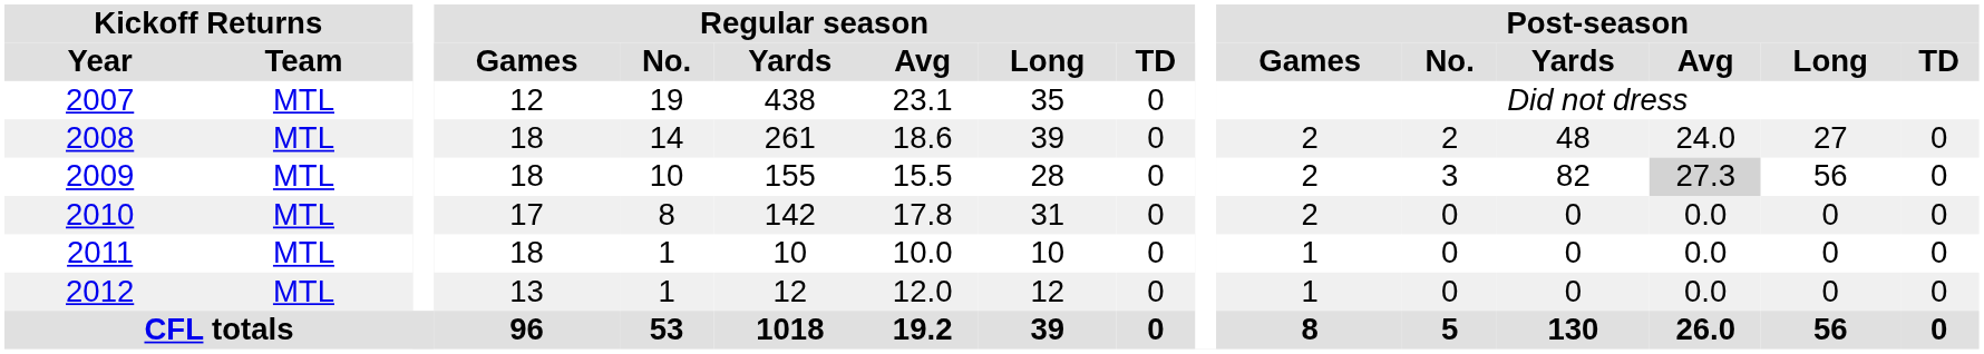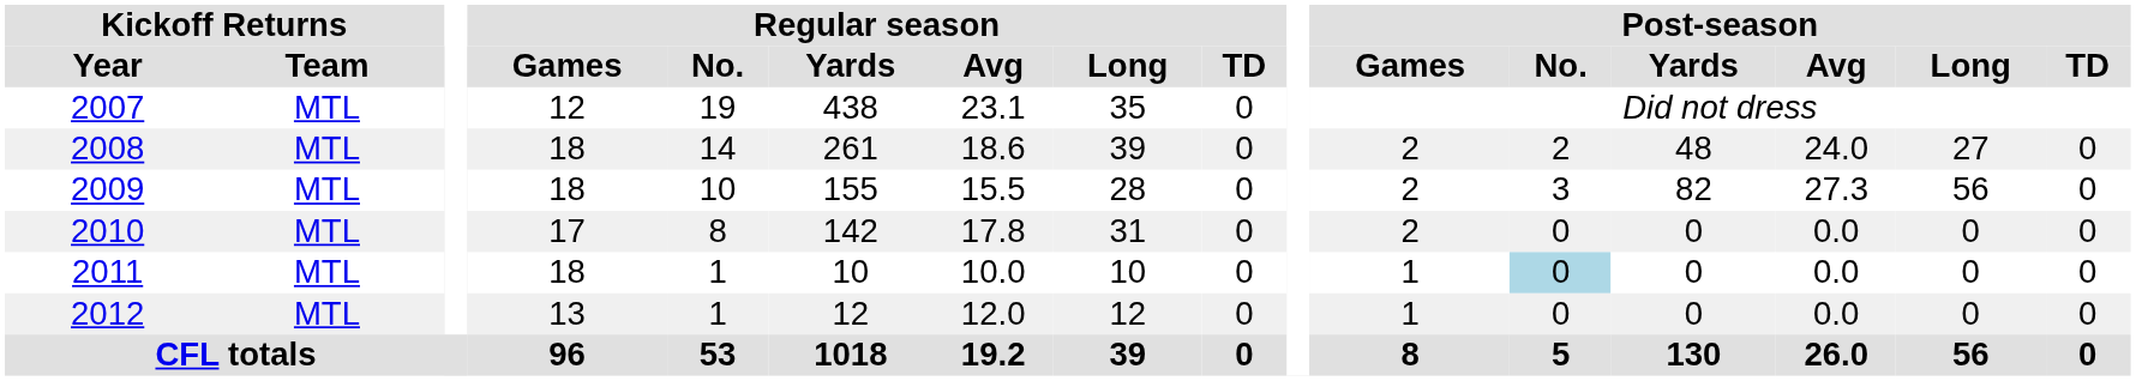 <table BORDER="0" CELLPADDING="1" CELLSPACING="0" width="65%" style="text-align:center">
 <tr bgcolor="#e0e0e0">
 <th colspan="2">Kickoff Returns</th>
 <th rowspan="99" bgcolor="#ffffff"> </th>
 <th colspan="6">Regular season</th>
 <th rowspan="99" bgcolor="#ffffff"> </th>
 <th colspan="6">Post-season</th>
 </tr>
 <tr bgcolor="#e0e0e0">
 <th>Year</th>
 <th>Team</th>
 <th>Games</th>
 <th>No.</th>
 <th>Yards</th>
 <th>Avg</th>
 <th>Long</th>
 <th>TD</th>
 <th>Games</th>
 <th>No.</th>
 <th>Yards</th>
 <th>Avg</th>
 <th>Long</th>
 <th>TD</th>
 </tr>
 <tr ALIGN="center">
 <td><a href='#'>2007</a></td>
 <td><a href='#'>MTL</a></td>
 <td>12</td>
 <td>19</td>
 <td>438</td>
 <td>23.1</td>
 <td>35</td>
 <td>0</td>
 <td colspan="6"><em>Did not dress</em></td>
 </tr>
 <tr ALIGN="center" bgcolor="#f0f0f0">
 <td><a href='#'>2008</a></td>
 <td><a href='#'>MTL</a></td>
 <td>18</td>
 <td>14</td>
 <td>261</td>
 <td>18.6</td>
 <td>39</td>
 <td>0</td>
 <td>2</td>
 <td>2</td>
 <td>48</td>
 <td>24.0</td>
 <td>27</td>
 <td>0</td>
 </tr>
 <tr ALIGN="center">
 <td><a href='#'>2009</a></td>
 <td><a href='#'>MTL</a></td>
 <td>18</td>
 <td>10</td>
 <td>155</td>
 <td>15.5</td>
 <td>28</td>
 <td>0</td>
 <td>2</td>
 <td>3</td>
 <td>82</td>
-<td style="background: lightgrey;">27.3</td>
+<td>27.3</td>
 <td>56</td>
 <td>0</td>
 </tr>
 <tr ALIGN="center" bgcolor="#f0f0f0">
 <td><a href='#'>2010</a></td>
 <td><a href='#'>MTL</a></td>
 <td>17</td>
 <td>8</td>
 <td>142</td>
 <td>17.8</td>
 <td>31</td>
 <td>0</td>
 <td>2</td>
 <td>0</td>
 <td>0</td>
 <td>0.0</td>
 <td>0</td>
 <td>0</td>
 </tr>
 <tr ALIGN="center">
 <td><a href='#'>2011</a></td>
 <td><a href='#'>MTL</a></td>
 <td>18</td>
 <td>1</td>
 <td>10</td>
 <td>10.0</td>
 <td>10</td>
 <td>0</td>
 <td>1</td>
-<td>0</td>
+<td style="background: lightblue;">0</td>
 <td>0</td>
 <td>0.0</td>
 <td>0</td>
 <td>0</td>
 </tr>
 <tr ALIGN="center" bgcolor="#f0f0f0">
 <td><a href='#'>2012</a></td>
 <td><a href='#'>MTL</a></td>
 <td>13</td>
 <td>1</td>
 <td>12</td>
 <td>12.0</td>
 <td>12</td>
 <td>0</td>
 <td>1</td>
 <td>0</td>
 <td>0</td>
 <td>0.0</td>
 <td>0</td>
 <td>0</td>
 </tr>
 <tr bgcolor="#e0e0e0">
 <th colspan="3"><a href='#'>CFL</a> totals</th>
 <th>96</th>
 <th>53</th>
 <th>1018</th>
 <th>19.2</th>
 <th>39</th>
 <th>0</th>
 <th>8</th>
 <th>5</th>
 <th>130</th>
 <th>26.0</th>
 <th>56</th>
 <th>0</th>
 </tr>
 </table>
